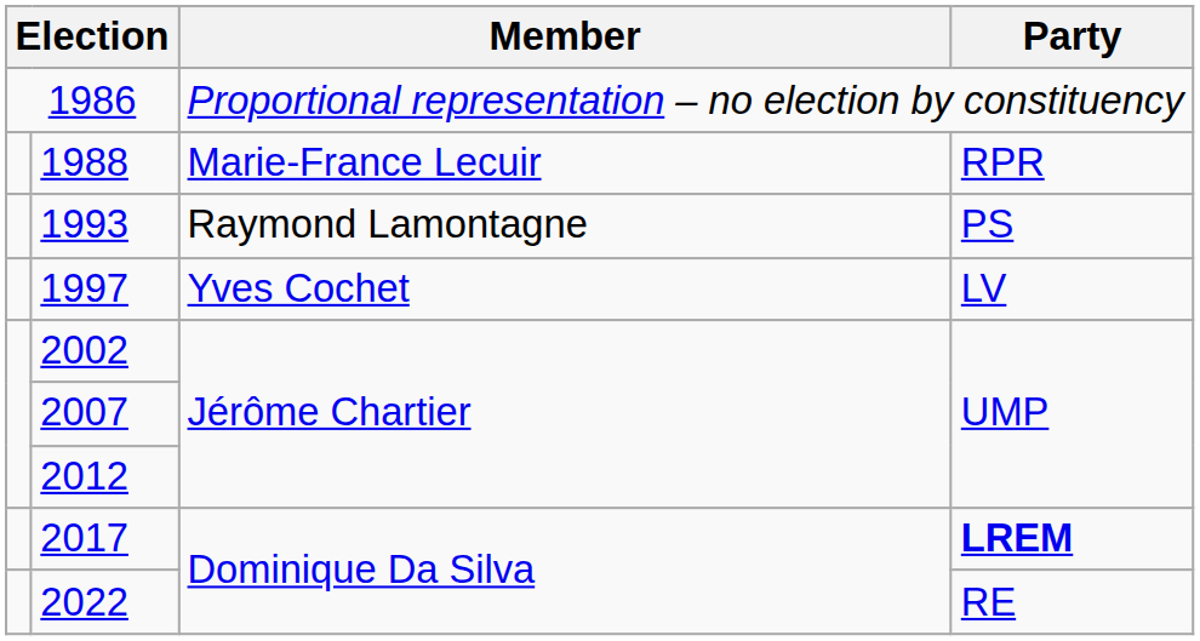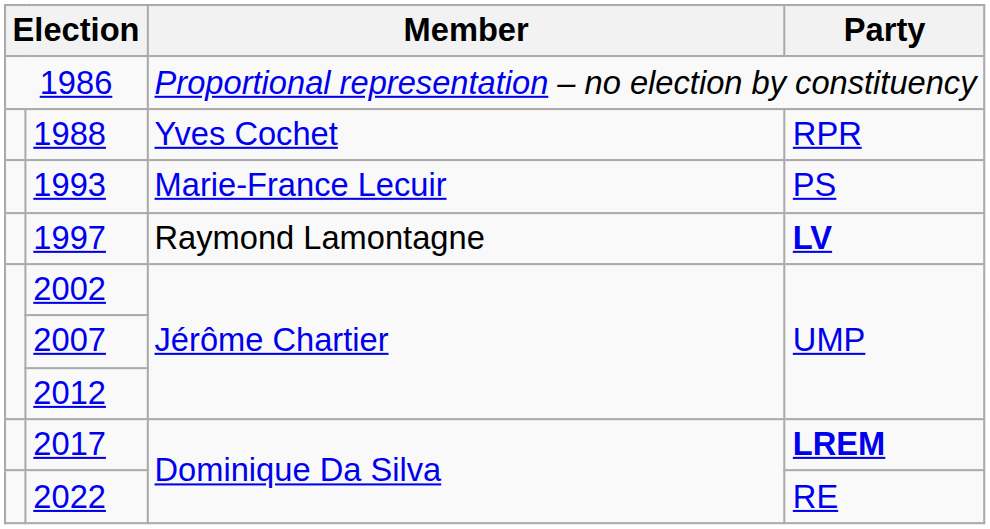 <table class="wikitable">
 <tr>
 <th colspan="2">Election</th>
 <th>Member</th>
 <th>Party</th>
 </tr>
 <tr>
 <td colspan="2" align="center"><a href='#'>1986</a></td>
 <td colspan="2"><em><a href='#'>Proportional representation</a> – no election by constituency</em></td>
 </tr>
 <tr>
 <td style="color:inherit;background-color: "></td>
 <td><a href='#'>1988</a></td>
-<td><a href='#'>Marie-France Lecuir</a></td>
+<td><a href='#'>Yves Cochet</a></td>
 <td><a href='#'>RPR</a></td>
 </tr>
 <tr>
 <td style="color:inherit;background-color: "></td>
 <td><a href='#'>1993</a></td>
-<td>Raymond Lamontagne</td>
+<td><a href='#'>Marie-France Lecuir</a></td>
 <td><a href='#'>PS</a></td>
 </tr>
 <tr>
 <td style="color:inherit;background-color: "></td>
 <td><a href='#'>1997</a></td>
-<td><a href='#'>Yves Cochet</a></td>
-<td><a href='#'>LV</a></td>
+<td>Raymond Lamontagne</td>
+<td><strong><a href='#'>LV</a></strong></td>
 </tr>
 <tr>
 <td rowspan="3" style="color:inherit;background-color: "></td>
 <td><a href='#'>2002</a></td>
 <td rowspan="3"><a href='#'>Jérôme Chartier</a></td>
 <td rowspan="3"><a href='#'>UMP</a></td>
 </tr>
 <tr>
 <td><a href='#'>2007</a></td>
 </tr>
 <tr>
 <td><a href='#'>2012</a></td>
 </tr>
 <tr>
 <td style="color:inherit;background-color: "></td>
 <td><a href='#'>2017</a></td>
 <td rowspan="2"><a href='#'>Dominique Da Silva</a></td>
 <td><strong><a href='#'>LREM</a></strong></td>
 </tr>
 <tr>
 <td style="color:inherit;background-color: "></td>
 <td><a href='#'>2022</a></td>
 <td><a href='#'>RE</a></td>
 </tr>
 </table>
